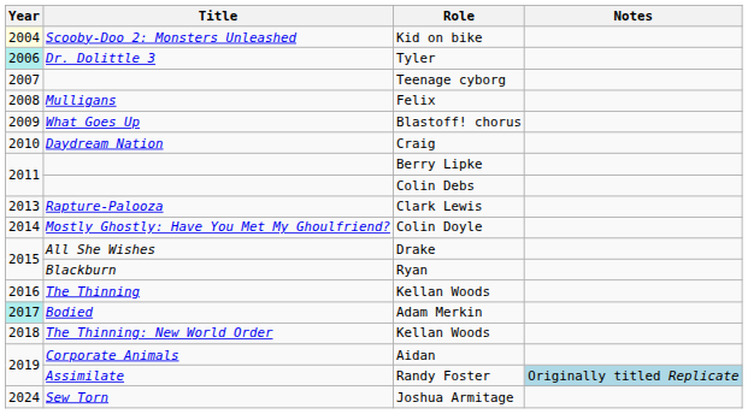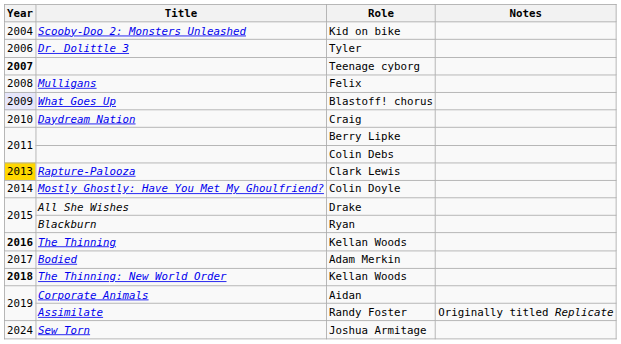 <table class="wikitable sortable">
 <tr>
 <th>Year</th>
 <th>Title</th>
 <th>Role</th>
 <th class="unsortable">Notes</th>
 </tr>
 <tr>
-<td style="background: lightyellow;">2004</td>
+<td>2004</td>
 <td><em><a href='#'>Scooby-Doo 2: Monsters Unleashed</a></em></td>
 <td>Kid on bike</td>
 <td></td>
 </tr>
 <tr>
-<td style="background: paleturquoise;">2006</td>
+<td>2006</td>
 <td><em><a href='#'>Dr. Dolittle 3</a></em></td>
 <td>Tyler</td>
 <td></td>
 </tr>
 <tr>
-<td>2007</td>
+<td><strong>2007</strong></td>
 <td><em></em></td>
 <td>Teenage cyborg</td>
 <td></td>
 </tr>
 <tr>
 <td>2008</td>
 <td><em><a href='#'>Mulligans</a></em></td>
 <td>Felix</td>
 <td></td>
 </tr>
 <tr>
-<td>2009</td>
+<td style="background: lavender;">2009</td>
 <td><em><a href='#'>What Goes Up</a></em></td>
 <td>Blastoff! chorus</td>
 <td></td>
 </tr>
 <tr>
 <td>2010</td>
 <td><em><a href='#'>Daydream Nation</a></em></td>
 <td>Craig</td>
 <td></td>
 </tr>
 <tr>
 <td rowspan="2">2011</td>
 <td><em></em></td>
 <td>Berry Lipke</td>
 <td></td>
 </tr>
 <tr>
 <td><em></em></td>
 <td>Colin Debs</td>
 <td></td>
 </tr>
 <tr>
-<td>2013</td>
+<td style="background: gold;">2013</td>
 <td><em><a href='#'>Rapture-Palooza</a></em></td>
 <td>Clark Lewis</td>
 <td></td>
 </tr>
 <tr>
 <td>2014</td>
 <td><em><a href='#'>Mostly Ghostly: Have You Met My Ghoulfriend?</a></em></td>
 <td>Colin Doyle</td>
 <td></td>
 </tr>
 <tr>
 <td rowspan="2">2015</td>
 <td><em>All She Wishes</em></td>
 <td>Drake</td>
 <td></td>
 </tr>
 <tr>
 <td><em>Blackburn</em></td>
 <td>Ryan</td>
 <td></td>
 </tr>
 <tr>
-<td>2016</td>
+<td><strong>2016</strong></td>
 <td><em><a href='#'>The Thinning</a></em></td>
 <td>Kellan Woods</td>
 <td></td>
 </tr>
 <tr>
-<td style="background: paleturquoise;">2017</td>
+<td>2017</td>
 <td><em><a href='#'>Bodied</a></em></td>
 <td>Adam Merkin</td>
 <td></td>
 </tr>
 <tr>
-<td>2018</td>
+<td><strong>2018</strong></td>
 <td><em><a href='#'>The Thinning: New World Order</a></em></td>
 <td>Kellan Woods</td>
 <td></td>
 </tr>
 <tr>
 <td rowspan="2">2019</td>
 <td><em><a href='#'>Corporate Animals</a></em></td>
 <td>Aidan</td>
 <td></td>
 </tr>
 <tr>
 <td><em><a href='#'>Assimilate</a></em></td>
 <td>Randy Foster</td>
-<td style="background: lightblue;">Originally titled <em>Replicate</em></td>
+<td>Originally titled <em>Replicate</em></td>
 </tr>
 <tr>
 <td>2024</td>
 <td><em><a href='#'>Sew Torn</a></em></td>
 <td>Joshua Armitage</td>
 <td></td>
 </tr>
 </table>
